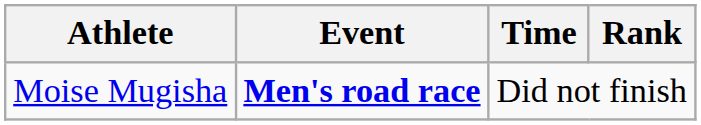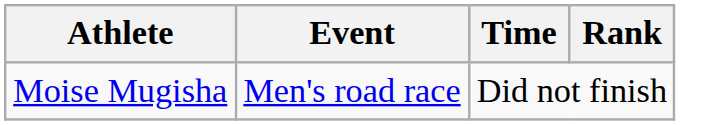 <table class=wikitable style=font-size:90%;text-align:center>
 <tr>
 <th>Athlete</th>
 <th>Event</th>
 <th>Time</th>
 <th>Rank</th>
 </tr>
 <tr align=center>
 <td align=left><a href='#'>Moise Mugisha</a></td>
-<td align=left><strong><a href='#'>Men's road race</a></strong></td>
+<td align=left><a href='#'>Men's road race</a></td>
 <td colspan=2>Did not finish</td>
 </tr>
 </table>
